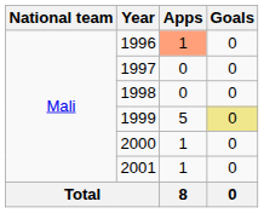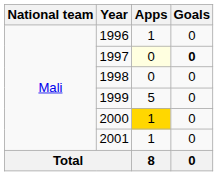 <table class="wikitable" style="text-align:center">
 <tr>
 <th>National team</th>
 <th>Year</th>
 <th>Apps</th>
 <th>Goals</th>
 </tr>
 <tr>
 <td rowspan="6"><a href='#'>Mali</a></td>
 <td>1996</td>
-<td style="background: lightsalmon;">1</td>
+<td>1</td>
 <td>0</td>
 </tr>
 <tr>
 <td>1997</td>
-<td>0</td>
-<td>0</td>
+<td style="background: lightyellow;">0</td>
+<td><strong>0</strong></td>
 </tr>
 <tr>
 <td>1998</td>
 <td>0</td>
 <td>0</td>
 </tr>
 <tr>
 <td>1999</td>
 <td>5</td>
-<td style="background: khaki;">0</td>
+<td>0</td>
 </tr>
 <tr>
 <td>2000</td>
-<td>1</td>
+<td style="background: gold;">1</td>
 <td>0</td>
 </tr>
 <tr>
 <td>2001</td>
 <td>1</td>
 <td>0</td>
 </tr>
 <tr>
 <th colspan="2">Total</th>
 <th>8</th>
 <th>0</th>
 </tr>
 </table>
